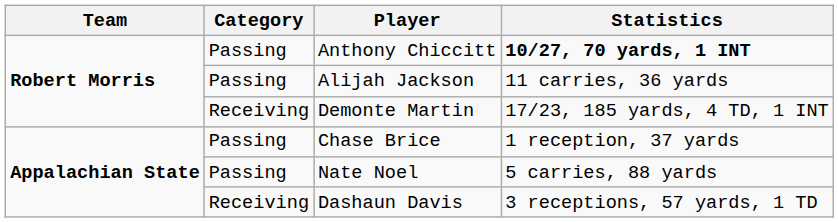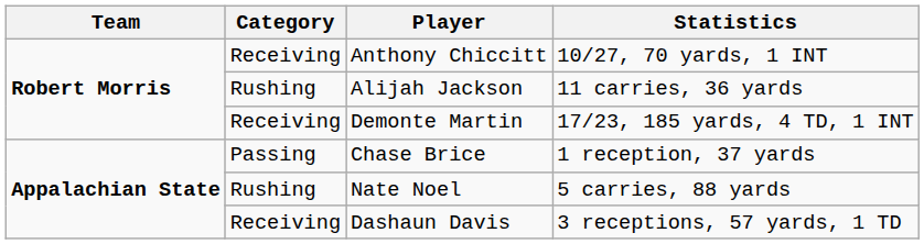 <table class="wikitable" style="float: right;">
 <tr>
 <th>Team</th>
 <th>Category</th>
 <th>Player</th>
 <th>Statistics</th>
 </tr>
 <tr>
 <td rowspan=3><strong>Robert Morris</strong></td>
-<td>Passing</td>
+<td>Receiving</td>
 <td>Anthony Chiccitt</td>
-<td><strong>10/27, 70 yards, 1 INT</strong></td>
+<td>10/27, 70 yards, 1 INT</td>
 </tr>
 <tr>
-<td>Passing</td>
+<td>Rushing</td>
 <td>Alijah Jackson</td>
 <td>11 carries, 36 yards</td>
 </tr>
 <tr>
 <td>Receiving</td>
 <td>Demonte Martin</td>
 <td>17/23, 185 yards, 4 TD, 1 INT</td>
 </tr>
 <tr>
 <td rowspan=3><strong>Appalachian State</strong></td>
 <td>Passing</td>
 <td>Chase Brice</td>
 <td>1 reception, 37 yards</td>
 </tr>
 <tr>
-<td>Passing</td>
+<td>Rushing</td>
 <td>Nate Noel</td>
 <td>5 carries, 88 yards</td>
 </tr>
 <tr>
 <td>Receiving</td>
 <td>Dashaun Davis</td>
 <td>3 receptions, 57 yards, 1 TD</td>
 </tr>
 </table>
